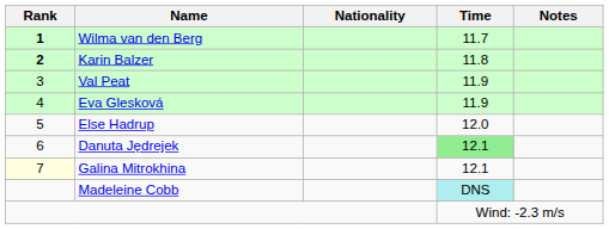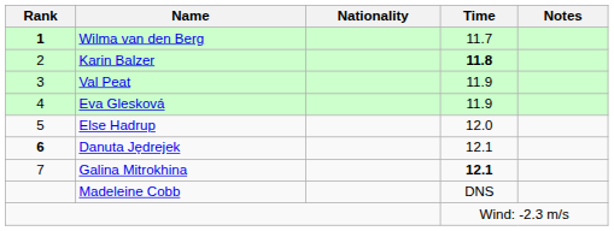 <table class="wikitable sortable" style="text-align:center;width: 55%">
 <tr>
 <th>Rank</th>
 <th>Name</th>
 <th>Nationality</th>
 <th>Time</th>
 <th>Notes</th>
 </tr>
 <tr bgcolor=ccffcc>
 <td><strong>1</strong></td>
 <td align=left><a href='#'>Wilma van den Berg</a></td>
 <td align=left></td>
 <td>11.7</td>
 <td></td>
 </tr>
 <tr bgcolor=ccffcc>
-<td><strong>2</strong></td>
+<td>2</td>
 <td align=left><a href='#'>Karin Balzer</a></td>
 <td align=left></td>
-<td>11.8</td>
+<td><strong>11.8</strong></td>
 <td></td>
 </tr>
 <tr bgcolor=ccffcc>
 <td>3</td>
 <td align=left><a href='#'>Val Peat</a></td>
 <td align=left></td>
 <td>11.9</td>
 <td></td>
 </tr>
 <tr bgcolor=ccffcc>
 <td>4</td>
 <td align=left><a href='#'>Eva Glesková</a></td>
 <td align=left></td>
 <td>11.9</td>
 <td></td>
 </tr>
 <tr>
 <td>5</td>
 <td align=left><a href='#'>Else Hadrup</a></td>
 <td align=left></td>
 <td>12.0</td>
 <td></td>
 </tr>
 <tr>
-<td>6</td>
+<td><strong>6</strong></td>
 <td align=left><a href='#'>Danuta Jędrejek</a></td>
 <td align=left></td>
-<td style="background: lightgreen;">12.1</td>
+<td>12.1</td>
 <td></td>
 </tr>
 <tr>
-<td style="background: lightyellow;">7</td>
+<td>7</td>
 <td align=left><a href='#'>Galina Mitrokhina</a></td>
 <td align=left></td>
-<td>12.1</td>
+<td><strong>12.1</strong></td>
 <td></td>
 </tr>
 <tr>
 <td></td>
 <td align=left><a href='#'>Madeleine Cobb</a></td>
 <td align=left></td>
-<td style="background: paleturquoise;">DNS</td>
+<td>DNS</td>
 <td></td>
 </tr>
 <tr>
 <td colspan="3"></td>
 <td colspan="2">Wind: -2.3 m/s</td>
 </tr>
 </table>
